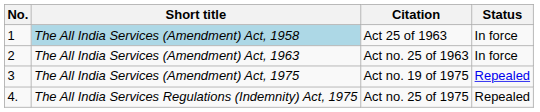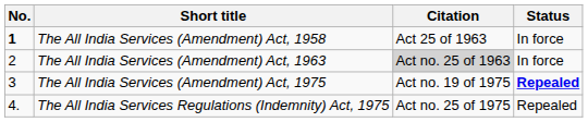 <table class="wikitable sortable mw-collapsible">
 <tr>
 <th>No.</th>
 <th>Short title</th>
 <th>Citation</th>
 <th>Status</th>
 </tr>
 <tr>
-<td>1</td>
-<td style="background: lightblue;"><em>The All India Services (Amendment) Act, 1958</em></td>
+<td><strong>1</strong></td>
+<td><em>The All India Services (Amendment) Act, 1958</em></td>
 <td>Act  25 of 1963</td>
 <td>In force</td>
 </tr>
 <tr>
 <td>2</td>
 <td><em>The All India Services (Amendment) Act, 1963</em></td>
-<td>Act no. 25 of 1963</td>
+<td style="background: lightgrey;">Act no. 25 of 1963</td>
 <td>In force</td>
 </tr>
 <tr>
 <td>3</td>
 <td><em>The All India Services (Amendment) Act, 1975</em></td>
 <td>Act no. 19 of 1975</td>
-<td><a href='#'>Repealed</a></td>
+<td><strong><a href='#'>Repealed</a></strong></td>
 </tr>
 <tr>
 <td>4.</td>
 <td><em>The All India Services Regulations (Indemnity) Act, 1975</em></td>
 <td>Act no. 25 of 1975</td>
 <td>Repealed</td>
 </tr>
 </table>
